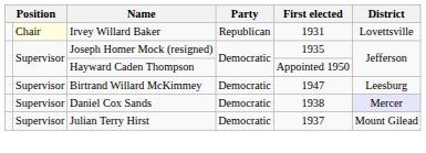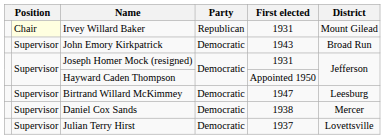 <table class="wikitable">
 <tr>
 <th colspan="2">Position</th>
 <th>Name</th>
 <th>Party</th>
 <th>First elected</th>
 <th>District</th>
 </tr>
 <tr>
 <td style="background-color:"> </td>
 <td style="background: lightyellow;">Chair</td>
 <td>Irvey Willard Baker</td>
 <td style="text-align:center;">Republican</td>
 <td style="text-align:center;">1931</td>
-<td style="text-align:center;">Lovettsville</td>
+<td style="text-align:center;">Mount Gilead</td>
+</tr>
+<tr>
+<td style="background-color:"> </td>
+<td>Supervisor</td>
+<td>John Emory Kirkpatrick</td>
+<td style="text-align:center;">Democratic</td>
+<td style="text-align:center;">1943</td>
+<td style="text-align:center;">Broad Run</td>
 </tr>
 <tr>
 <td rowspan="2" style="background-color:"> </td>
 <td rowspan="2">Supervisor</td>
 <td>Joseph Homer Mock (resigned)</td>
 <td rowspan="2" style="text-align:center;">Democratic</td>
-<td style="text-align:center;">1935</td>
+<td style="text-align:center;">1931</td>
 <td rowspan="2" style="text-align:center;">Jefferson</td>
 </tr>
 <tr>
 <td>Hayward Caden Thompson</td>
 <td style="text-align:center;">Appointed 1950</td>
 </tr>
 <tr>
 <td style="background-color:"> </td>
 <td>Supervisor</td>
 <td>Birtrand Willard McKimmey</td>
 <td style="text-align:center;">Democratic</td>
 <td style="text-align:center;">1947</td>
 <td style="text-align:center;">Leesburg</td>
 </tr>
 <tr>
 <td style="background-color:"> </td>
 <td>Supervisor</td>
 <td>Daniel Cox Sands</td>
 <td style="text-align:center;">Democratic</td>
 <td style="text-align:center;">1938</td>
-<td style="background: lavender; text-align:center;">Mercer</td>
+<td style="text-align:center;">Mercer</td>
 </tr>
 <tr>
 <td style="background-color:"> </td>
 <td>Supervisor</td>
 <td>Julian Terry Hirst</td>
 <td style="text-align:center;">Democratic</td>
 <td style="text-align:center;">1937</td>
-<td style="text-align:center;">Mount Gilead</td>
+<td style="text-align:center;">Lovettsville</td>
 </tr>
 </table>
